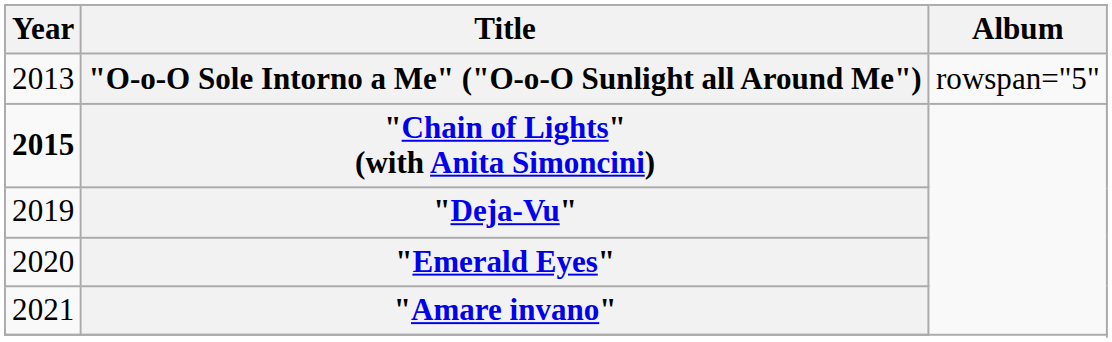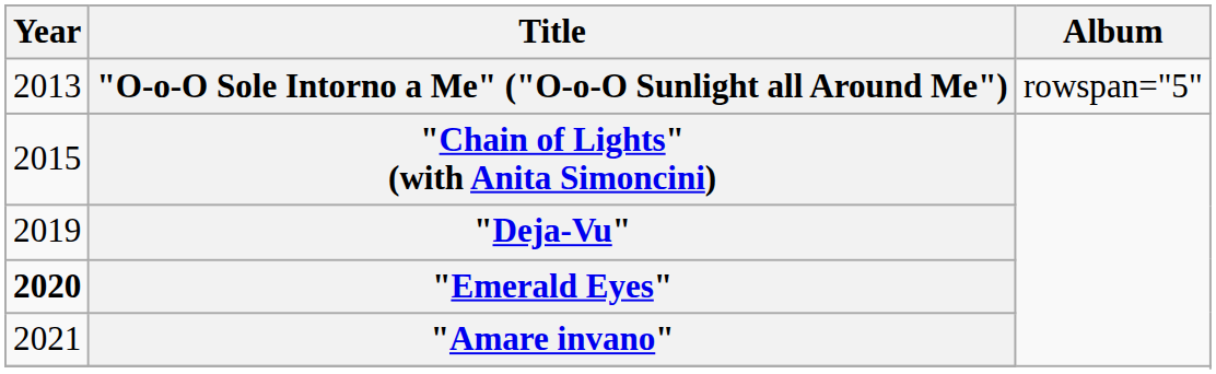 <table class="wikitable plainrowheaders" style=text-align:center;">
 <tr>
 <th scope="col">Year</th>
 <th scope="col">Title</th>
 <th scope="col">Album</th>
 </tr>
 <tr>
 <td>2013</td>
 <th scope="row">"O-o-O Sole Intorno a Me" <span>("O-o-O Sunlight all Around Me")</span></th>
 <td>rowspan="5" </td>
 </tr>
 <tr>
-<td><strong>2015</strong></td>
+<td>2015</td>
 <th scope="row">"<a href='#'>Chain of Lights</a>"<br><span>(with <a href='#'>Anita Simoncini</a>)</span></th>
 </tr>
 <tr>
 <td>2019</td>
 <th scope="row">"<a href='#'>Deja-Vu</a>"</th>
 </tr>
 <tr>
-<td>2020</td>
+<td><strong>2020</strong></td>
 <th scope="row">"<a href='#'>Emerald Eyes</a>"</th>
 </tr>
 <tr>
 <td>2021</td>
 <th scope="row">"<a href='#'>Amare invano</a>"</th>
 </tr>
 <tr>
 </tr>
 </table>
